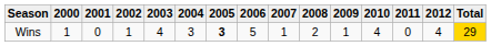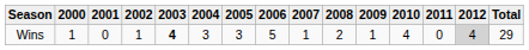 <table class="wikitable">
 <tr style=background:#efefef;font-weight:bold>
 <td>Season</td>
 <td>2000</td>
 <td>2001</td>
 <td>2002</td>
 <td>2003</td>
 <td>2004</td>
 <td>2005</td>
 <td>2006</td>
 <td>2007</td>
 <td>2008</td>
 <td>2009</td>
 <td>2010</td>
 <td>2011</td>
 <td>2012</td>
 <td>Total</td>
 </tr>
 <tr align=center>
 <td>Wins</td>
 <td>1</td>
 <td>0</td>
 <td>1</td>
-<td>4</td>
+<td><strong>4</strong></td>
 <td>3</td>
-<td><strong>3</strong></td>
+<td>3</td>
 <td>5</td>
 <td>1</td>
 <td>2</td>
 <td>1</td>
 <td>4</td>
 <td>0</td>
-<td>4</td>
-<td style="background: gold;">29</td>
+<td style="background: lightgrey;">4</td>
+<td>29</td>
 </tr>
 </table>
